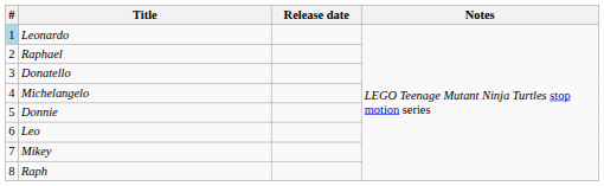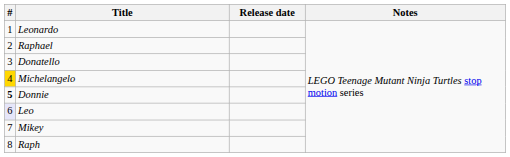 <table class="wikitable sortable">
 <tr>
 <th width=10>#</th>
 <th width=321>Title</th>
 <th width=110>Release date</th>
 <th width=300>Notes</th>
 </tr>
 <tr>
-<td align="center" style="background: lightblue;">1</td>
+<td align="center">1</td>
 <td><em>Leonardo</em></td>
 <td align="right"></td>
 <td rowspan="10"><em>LEGO Teenage Mutant Ninja Turtles</em> <a href='#'>stop motion</a> series</td>
 </tr>
 <tr>
 <td align="center">2</td>
 <td><em>Raphael</em></td>
 <td align="right"></td>
 </tr>
 <tr>
 <td align="center">3</td>
 <td><em>Donatello</em></td>
 <td align="right"></td>
 </tr>
 <tr>
-<td align="center">4</td>
+<td align="center" style="background: gold;">4</td>
 <td><em>Michelangelo</em></td>
 <td align="right"></td>
 </tr>
 <tr>
-<td align="center">5</td>
+<td align="center"><strong>5</strong></td>
 <td><em>Donnie</em></td>
 <td align="right"></td>
 </tr>
 <tr>
-<td align="center">6</td>
+<td align="center" style="background: lavender;">6</td>
 <td><em>Leo</em></td>
 <td align="right"></td>
 </tr>
 <tr>
 <td align="center">7</td>
 <td><em>Mikey</em></td>
 <td align="right"></td>
 </tr>
 <tr>
 <td align="center">8</td>
 <td><em>Raph</em></td>
 <td align="right"></td>
 </tr>
 </table>
